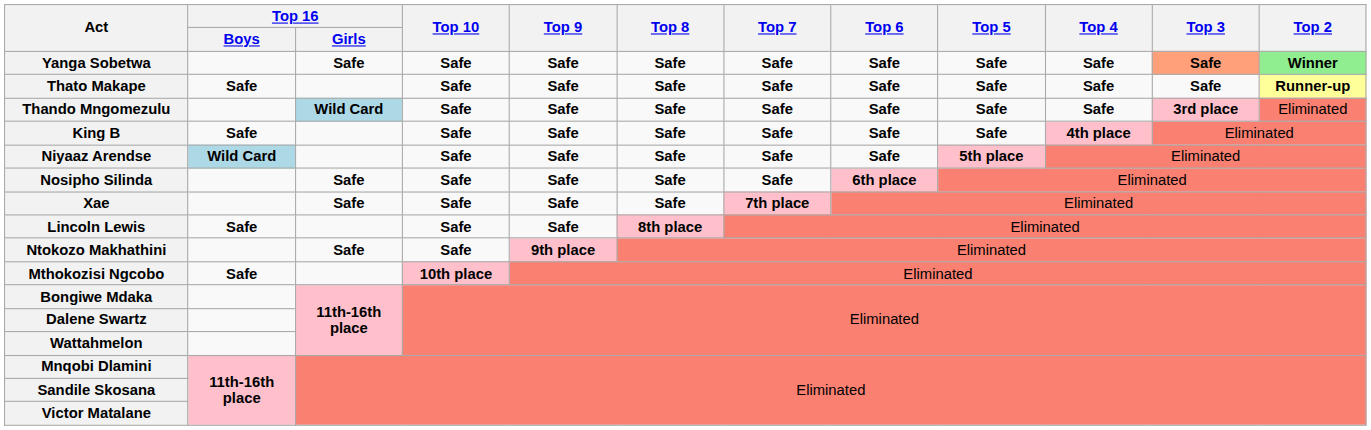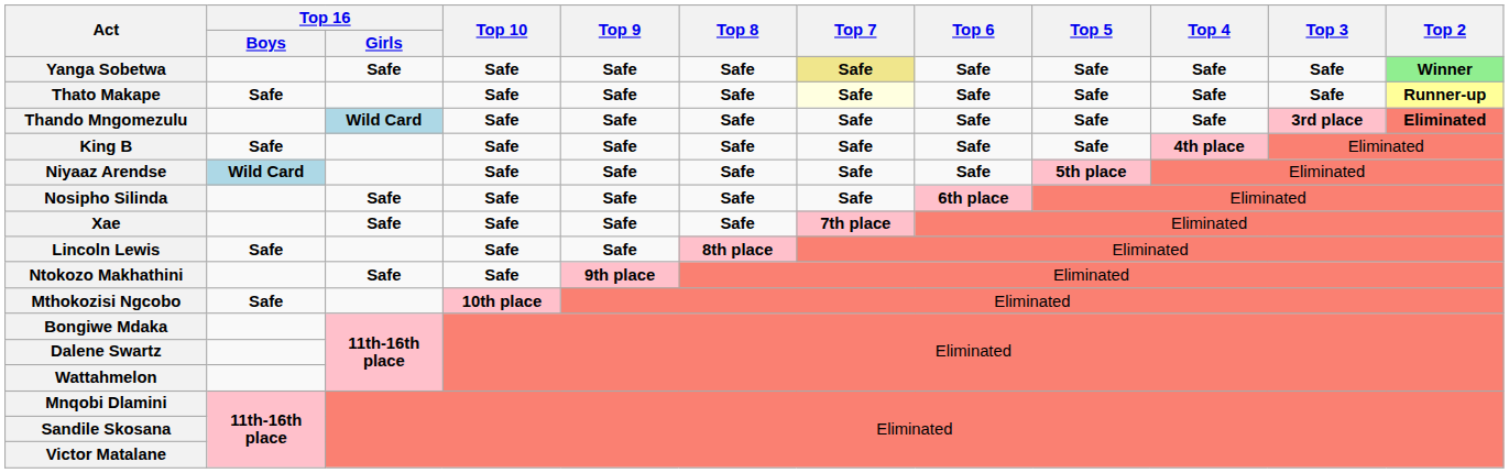 <table class="wikitable" style="text-align:center; font-size:85%">
 <tr>
 <th style="width:12%" rowspan="2"  scope="col">Act</th>
 <th style="width:7%" colspan="2" scope="col"><a href='#'>Top 16</a></th>
 <th style="width:7%" rowspan="2" scope="col"><a href='#'>Top 10</a></th>
 <th style="width:7%" rowspan="2" scope="col"><a href='#'>Top 9</a></th>
 <th style="width:7%" rowspan="2" scope="col"><a href='#'>Top 8</a></th>
 <th style="width:7%" rowspan="2" scope="col"><a href='#'>Top 7</a></th>
 <th style="width:7%" rowspan="2" scope="col"><a href='#'>Top 6</a></th>
 <th style="width:7%" rowspan="2" scope="col"><a href='#'>Top 5</a></th>
 <th style="width:7%" rowspan="2" scope="col"><a href='#'>Top 4</a></th>
 <th style="width:7%" rowspan="2" scope="col"><a href='#'>Top 3</a></th>
 <th style="width:7%" rowspan="2" scope="col"><a href='#'>Top 2</a></th>
 </tr>
 <tr>
 <th style="width:7%"><a href='#'>Boys</a></th>
 <th style="width:7%"><a href='#'>Girls</a></th>
 </tr>
 <tr>
 <th scope="row">Yanga Sobetwa</th>
 <td></td>
 <td><strong>Safe</strong></td>
 <td><strong>Safe</strong></td>
 <td><strong>Safe</strong></td>
 <td><strong>Safe</strong></td>
+<td style="background: khaki;"><strong>Safe</strong></td>
 <td><strong>Safe</strong></td>
 <td><strong>Safe</strong></td>
 <td><strong>Safe</strong></td>
 <td><strong>Safe</strong></td>
-<td style="background: lightsalmon;"><strong>Safe</strong></td>
 <td style="background:lightgreen"><strong>Winner</strong></td>
 </tr>
 <tr>
 <th scope="row">Thato Makape</th>
 <td><strong>Safe</strong></td>
 <td></td>
 <td><strong>Safe</strong></td>
 <td><strong>Safe</strong></td>
 <td><strong>Safe</strong></td>
-<td><strong>Safe</strong></td>
+<td style="background: lightyellow;"><strong>Safe</strong></td>
 <td><strong>Safe</strong></td>
 <td><strong>Safe</strong></td>
 <td><strong>Safe</strong></td>
 <td><strong>Safe</strong></td>
 <td style="background:#ff9"><strong>Runner-up</strong></td>
 </tr>
 <tr>
 <th scope="row">Thando Mngomezulu</th>
 <td></td>
 <td style="background:#add8e6"><strong>Wild Card</strong></td>
 <td><strong>Safe</strong></td>
 <td><strong>Safe</strong></td>
 <td><strong>Safe</strong></td>
 <td><strong>Safe</strong></td>
 <td><strong>Safe</strong></td>
 <td><strong>Safe</strong></td>
 <td><strong>Safe</strong></td>
 <td style="background:pink"><strong>3rd place</strong></td>
-<td style="background:salmon">Eliminated</td>
+<td style="background:salmon"><strong>Eliminated</strong></td>
 </tr>
 <tr>
 <th scope="row">King B</th>
 <td><strong>Safe</strong></td>
 <td></td>
 <td><strong>Safe</strong></td>
 <td><strong>Safe</strong></td>
 <td><strong>Safe</strong></td>
 <td><strong>Safe</strong></td>
 <td><strong>Safe</strong></td>
 <td><strong>Safe</strong></td>
 <td style="background:pink"><strong>4th place</strong></td>
 <td colspan="2" style="background:salmon">Eliminated</td>
 </tr>
 <tr>
 <th scope="row">Niyaaz Arendse</th>
 <td style="background:#add8e6"><strong>Wild Card</strong></td>
 <td></td>
 <td><strong>Safe</strong></td>
 <td><strong>Safe</strong></td>
 <td><strong>Safe</strong></td>
 <td><strong>Safe</strong></td>
 <td><strong>Safe</strong></td>
 <td style="background:pink"><strong>5th place</strong></td>
 <td colspan="3" style="background:salmon">Eliminated</td>
 </tr>
 <tr>
 <th scope="row">Nosipho Silinda</th>
 <td></td>
 <td><strong>Safe</strong></td>
 <td><strong>Safe</strong></td>
 <td><strong>Safe</strong></td>
 <td><strong>Safe</strong></td>
 <td><strong>Safe</strong></td>
 <td style="background:pink"><strong>6th place</strong></td>
 <td colspan="4" style="background:salmon">Eliminated</td>
 </tr>
 <tr>
 <th scope="row">Xae</th>
 <td></td>
 <td><strong>Safe</strong></td>
 <td><strong>Safe</strong></td>
 <td><strong>Safe</strong></td>
 <td><strong>Safe</strong></td>
 <td style="background:pink"><strong>7th place</strong></td>
 <td colspan="5" style="background:salmon">Eliminated</td>
 </tr>
 <tr>
 <th scope="row">Lincoln Lewis</th>
 <td><strong>Safe</strong></td>
 <td></td>
 <td><strong>Safe</strong></td>
 <td><strong>Safe</strong></td>
 <td style="background:pink"><strong>8th place</strong></td>
 <td colspan="8" style="background:salmon">Eliminated</td>
 </tr>
 <tr>
 <th scope="row">Ntokozo Makhathini</th>
 <td></td>
 <td><strong>Safe</strong></td>
 <td><strong>Safe</strong></td>
 <td style="background:pink"><strong>9th place</strong></td>
 <td colspan="9" style="background:salmon">Eliminated</td>
 </tr>
 <tr>
 <th scope="row">Mthokozisi Ngcobo</th>
 <td><strong>Safe</strong></td>
 <td></td>
 <td style="background:pink"><strong>10th place</strong></td>
 <td colspan="10" style="background:salmon">Eliminated</td>
 </tr>
 <tr>
 <th scope="row">Bongiwe Mdaka</th>
 <td></td>
 <td rowspan="3" style="background:pink"><strong>11th-16th place</strong></td>
 <td colspan="11" rowspan="3" style="background:salmon">Eliminated</td>
 </tr>
 <tr>
 <th scope="row">Dalene Swartz</th>
 <td></td>
 </tr>
 <tr>
 <th scope="row">Wattahmelon</th>
 <td></td>
 </tr>
 <tr>
 <th scope="row">Mnqobi Dlamini</th>
 <td rowspan="3" style="background:pink"><strong>11th-16th place</strong></td>
 <td colspan="12" rowspan="3" style="background:salmon">Eliminated</td>
 </tr>
 <tr>
 <th scope="row">Sandile Skosana</th>
 </tr>
 <tr>
 <th scope="row">Victor Matalane</th>
 </tr>
 </table>
